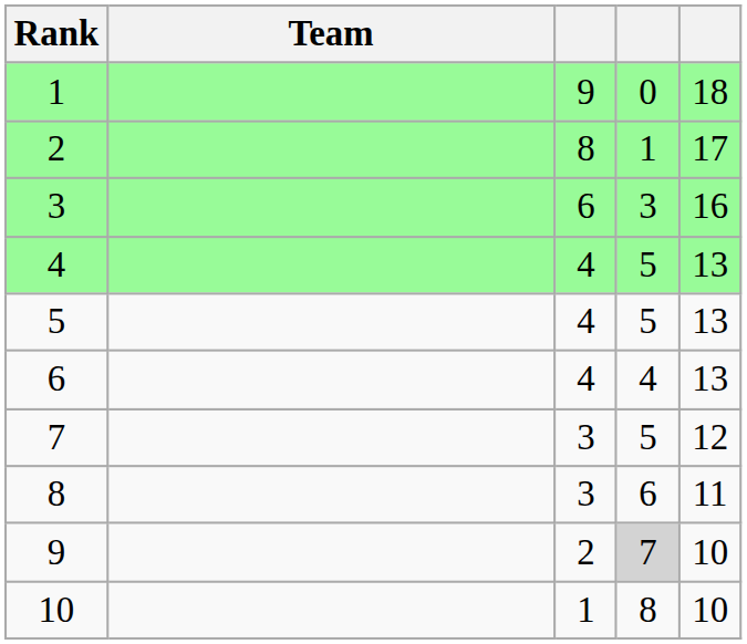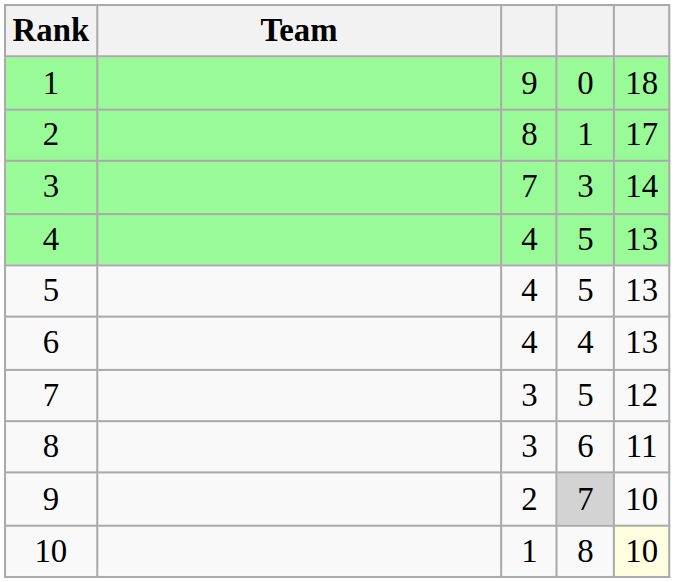 <table class="wikitable" style="text-align:center">
 <tr>
 <th>Rank</th>
 <th style="width:190px;">Team</th>
 <th width=20px></th>
 <th width=20px></th>
 <th width=20px></th>
 </tr>
 <tr bgcolor=98fb98>
 <td>1</td>
 <td align="left"></td>
 <td>9</td>
 <td>0</td>
 <td>18</td>
 </tr>
 <tr bgcolor=98fb98>
 <td>2</td>
 <td align="left"><strong></strong></td>
 <td>8</td>
 <td>1</td>
 <td>17</td>
 </tr>
 <tr bgcolor=98fb98>
 <td>3</td>
 <td align="left"></td>
-<td>6</td>
+<td>7</td>
 <td>3</td>
-<td>16</td>
+<td>14</td>
 </tr>
 <tr bgcolor=98fb98>
 <td>4</td>
 <td align="left"></td>
 <td>4</td>
 <td>5</td>
 <td>13</td>
 </tr>
 <tr bgcolor=>
 <td>5</td>
 <td align="left"></td>
 <td>4</td>
 <td>5</td>
 <td>13</td>
 </tr>
 <tr>
 <td>6</td>
 <td align="left"></td>
 <td>4</td>
 <td>4</td>
 <td>13</td>
 </tr>
 <tr>
 <td>7</td>
 <td align="left"></td>
 <td>3</td>
 <td>5</td>
 <td>12</td>
 </tr>
 <tr>
 <td>8</td>
 <td align="left"></td>
 <td>3</td>
 <td>6</td>
 <td>11</td>
 </tr>
 <tr>
 <td>9</td>
 <td align="left"></td>
 <td>2</td>
 <td style="background: lightgrey;">7</td>
 <td>10</td>
 </tr>
 <tr>
 <td>10</td>
 <td align="left"></td>
 <td>1</td>
 <td>8</td>
-<td>10</td>
+<td style="background: lightyellow;">10</td>
 </tr>
 </table>
